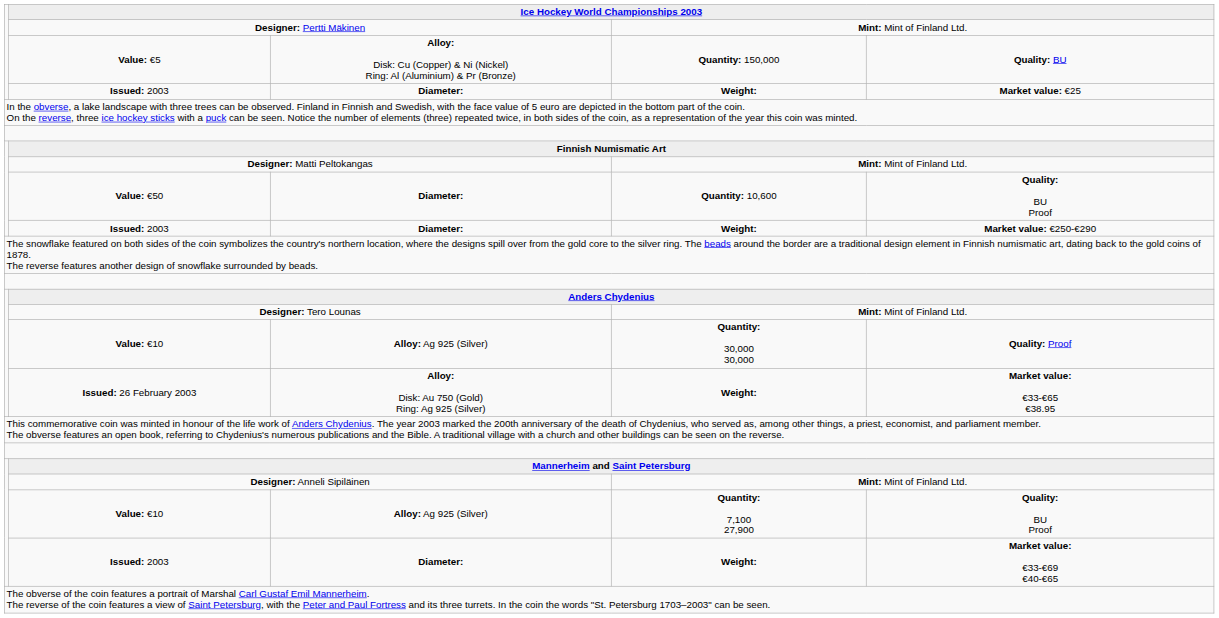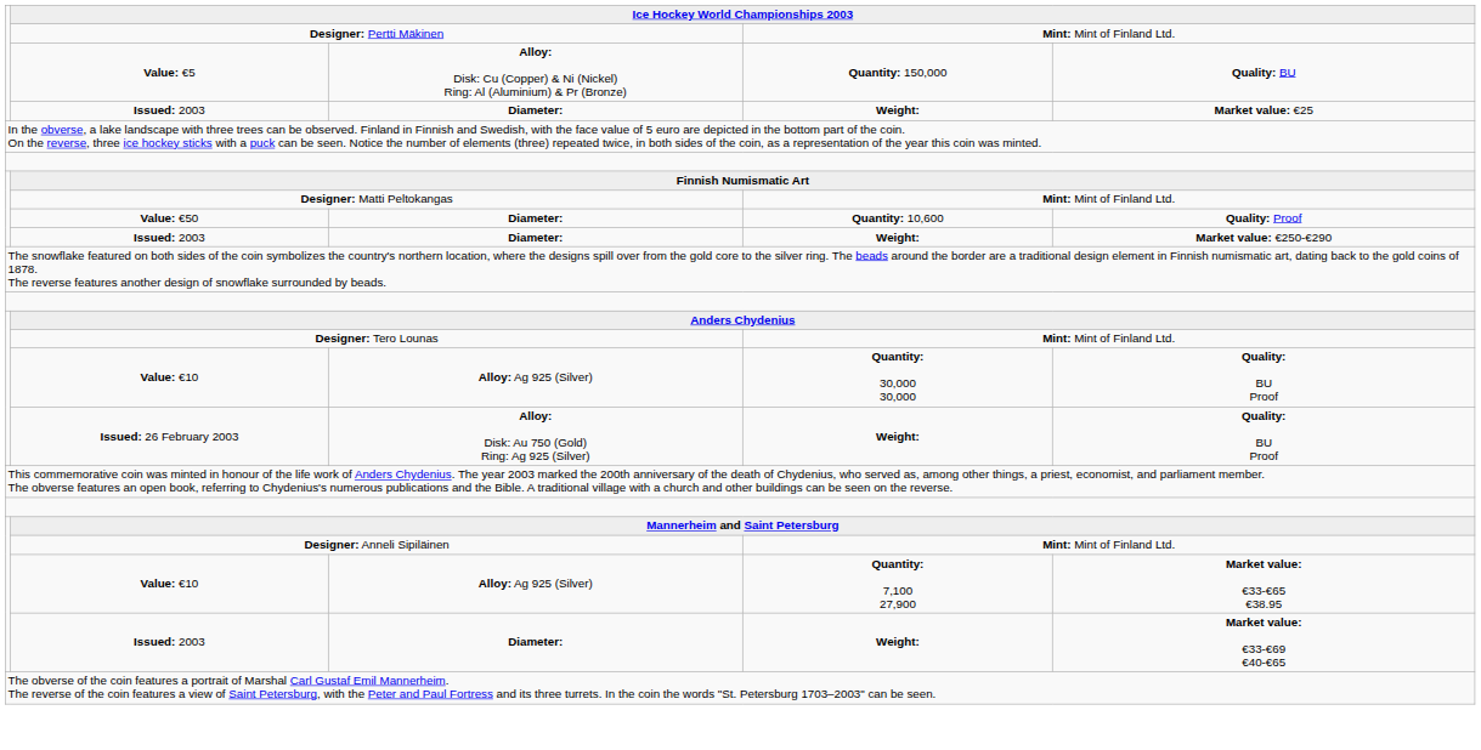 <table class="wikitable" style="width:100%;">
 <tr>
 <td rowspan="4"  style="white-space:nowrap; width:330px; text-align:center;"></td>
 <th colspan="4"  style="text-align:center; background:#eee;"><a href='#'>Ice Hockey World Championships 2003</a></th>
 </tr>
 <tr style="text-align:center;">
 <td colspan="2"  style="width:50%; "><strong>Designer:</strong> <a href='#'>Pertti Mäkinen</a></td>
 <td colspan="2"  style="width:50%; "><strong>Mint:</strong> Mint of Finland Ltd.</td>
 </tr>
 <tr>
 <td align=center><strong>Value:</strong> €5</td>
 <td align=center><strong>Alloy:</strong> <br><br>Disk: Cu (Copper) & Ni (Nickel) <br> Ring: Al (Aluminium) & Pr (Bronze)</td>
 <td align=center><strong>Quantity:</strong> 150,000</td>
 <td align=center><strong>Quality:</strong> <a href='#'>BU</a></td>
 </tr>
 <tr>
 <td align=center><strong>Issued:</strong> 2003</td>
 <td align=center><strong>Diameter:</strong> </td>
 <td align=center><strong>Weight:</strong> </td>
 <td align=center><strong>Market value:</strong> €25</td>
 </tr>
 <tr>
 <td colspan="5" style="text-align:left;">In the <a href='#'>obverse</a>, a lake landscape with three trees can be observed.  Finland in Finnish and Swedish, with the face value of 5 euro are depicted in the bottom part of the coin.<br>On the <a href='#'>reverse</a>, three <a href='#'>ice hockey sticks</a> with a <a href='#'>puck</a> can be seen.  Notice the number of elements (three) repeated twice, in both sides of the coin, as a representation of the year this coin was minted.</td>
 </tr>
 <tr>
 <td colspan="5"> </td>
 </tr>
 <tr>
 <td rowspan="4"  style="white-space:nowrap; width:330px; text-align:center;"></td>
 <th colspan="4"  style="text-align:center; background:#eee;">Finnish Numismatic Art</th>
 </tr>
 <tr style="text-align:center;">
 <td colspan="2"  style="width:50%; "><strong>Designer:</strong> Matti Peltokangas</td>
 <td colspan="2"  style="width:50%; "><strong>Mint:</strong> Mint of Finland Ltd.</td>
 </tr>
 <tr>
 <td align=center><strong>Value:</strong> €50</td>
 <td align=center><strong>Diameter:</strong> </td>
 <td align=center><strong>Quantity:</strong> 10,600</td>
-<td align=center><strong>Quality:</strong>	<br><br>BU<br> Proof</td>
+<td align=center><strong>Quality:</strong> <a href='#'>Proof</a></td>
 </tr>
 <tr>
 <td align=center><strong>Issued:</strong> 2003</td>
 <td align=center><strong>Diameter:</strong> </td>
 <td align=center><strong>Weight:</strong> </td>
 <td align=center><strong>Market value:</strong> €250-€290</td>
 </tr>
 <tr>
 <td colspan="5" style="text-align:left;">The snowflake featured on both sides of the coin symbolizes the country's northern location, where the designs spill over from the gold core to the silver ring. The <a href='#'>beads</a> around the border are a traditional design element in Finnish numismatic art, dating back to the gold coins of 1878.<br>The reverse features another design of snowflake surrounded by beads.</td>
 </tr>
 <tr>
 <td colspan="5"> </td>
 </tr>
 <tr>
 <td rowspan="4"  style="white-space:nowrap; width:330px; text-align:center;"></td>
 <th colspan="4"  style="text-align:center; background:#eee;"><a href='#'>Anders Chydenius</a></th>
 </tr>
 <tr style="text-align:center;">
 <td colspan="2"  style="width:50%; "><strong>Designer:</strong> Tero Lounas</td>
 <td colspan="2"  style="width:50%; "><strong>Mint:</strong> Mint of Finland Ltd.</td>
 </tr>
 <tr>
 <td align=center><strong>Value:</strong> €10</td>
 <td align=center><strong>Alloy:</strong> Ag 925 (Silver)</td>
 <td align=center><strong>Quantity:</strong> <br><br>30,000<br> 30,000</td>
-<td align=center><strong>Quality:</strong> <a href='#'>Proof</a></td>
+<td align=center><strong>Quality:</strong>	<br><br>BU<br> Proof</td>
 </tr>
 <tr>
 <td align=center><strong>Issued:</strong> 26 February 2003</td>
 <td align=center><strong>Alloy:</strong> <br><br>Disk: Au 750 (Gold) <br> Ring: Ag 925 (Silver)</td>
 <td align=center><strong>Weight:</strong> </td>
-<td align=center><strong>Market value:</strong> <br><br>€33-€65<br> €38.95</td>
+<td align=center><strong>Quality:</strong>	<br><br>BU<br> Proof</td>
 </tr>
 <tr>
 <td colspan="5" style="text-align:left;">This commemorative coin was minted in honour of the life work of <a href='#'>Anders Chydenius</a>.  The year 2003 marked the 200th anniversary of the death of Chydenius, who served as, among other things, a priest, economist, and parliament member.<br>The obverse features an open book, referring to Chydenius's numerous publications and the Bible. A traditional village with a church and other buildings can be seen on the reverse.</td>
 </tr>
 <tr>
 <td colspan="5"> </td>
 </tr>
 <tr>
 <td rowspan="4"  style="white-space:nowrap; width:330px; text-align:center;"></td>
 <th colspan="4"  style="text-align:center; background:#eee;"><a href='#'>Mannerheim</a> and <a href='#'>Saint Petersburg</a></th>
 </tr>
 <tr style="text-align:center;">
 <td colspan="2"  style="width:50%; "><strong>Designer:</strong> Anneli Sipiläinen</td>
 <td colspan="2"  style="width:50%; "><strong>Mint:</strong> Mint of Finland Ltd.</td>
 </tr>
 <tr>
 <td align=center><strong>Value:</strong> €10</td>
 <td align=center><strong>Alloy:</strong> Ag 925 (Silver)</td>
 <td align=center><strong>Quantity:</strong> <br><br>7,100<br> 27,900</td>
-<td align=center><strong>Quality:</strong>	<br><br>BU<br> Proof</td>
+<td align=center><strong>Market value:</strong> <br><br>€33-€65<br> €38.95</td>
 </tr>
 <tr>
 <td align=center><strong>Issued:</strong> 2003</td>
 <td align=center><strong>Diameter:</strong> </td>
 <td align=center><strong>Weight:</strong> </td>
 <td align=center><strong>Market value:</strong>  <br><br>€33-€69<br> €40-€65</td>
 </tr>
 <tr>
 <td colspan="5" style="text-align:left;">The obverse of the coin features a portrait of Marshal <a href='#'>Carl Gustaf Emil Mannerheim</a>.<br>The reverse of the coin features a view of <a href='#'>Saint Petersburg</a>, with the <a href='#'>Peter and Paul Fortress</a> and its three turrets. In the coin the words "St. Petersburg 1703–2003" can be seen.</td>
 </tr>
 </table>
